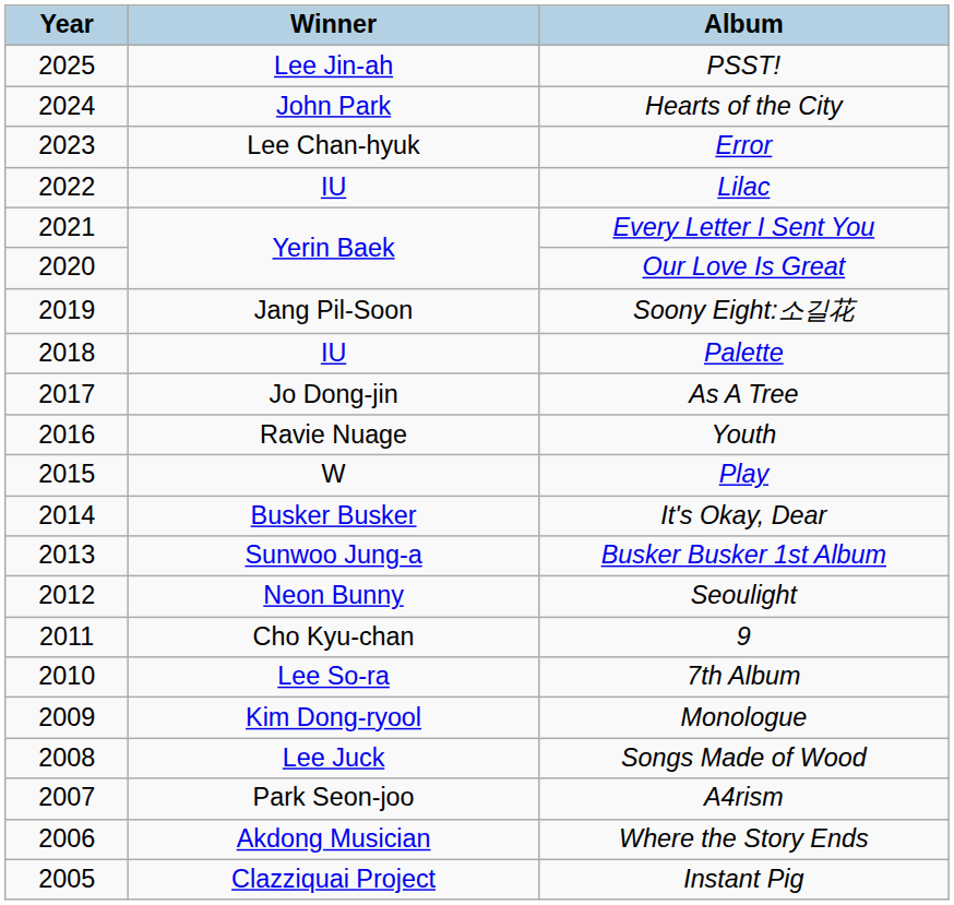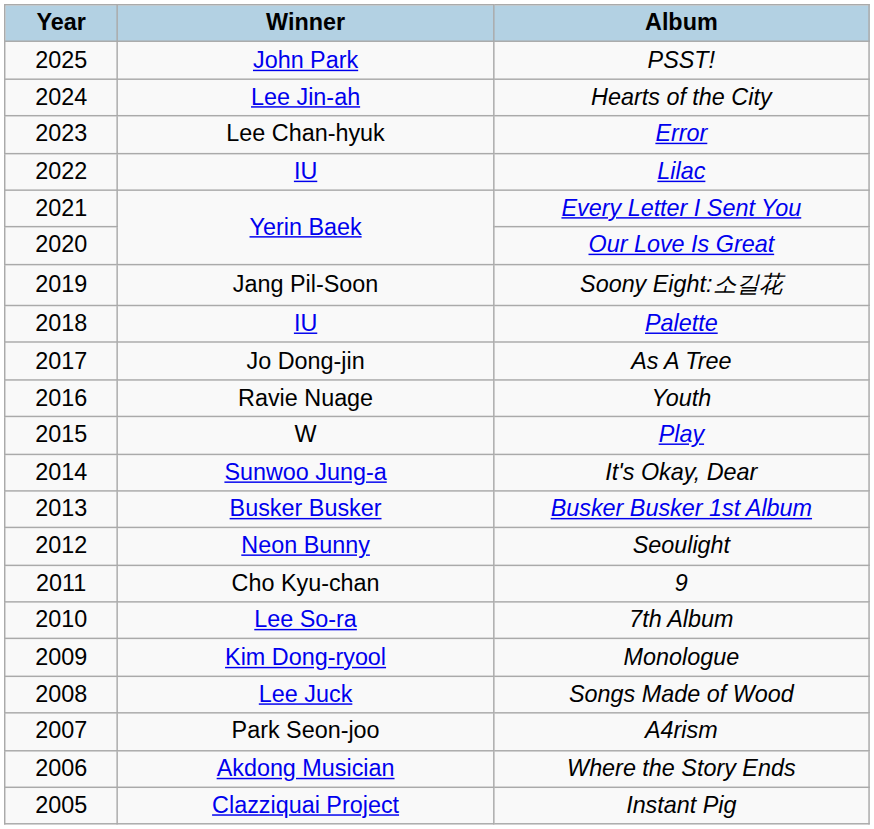 <table class="wikitable" style="text-align: center">
 <tr>
 <th width="70" style="background:#b3d1e3;">Year</th>
 <th width="250" style="background:#b3d1e3;">Winner</th>
 <th width="250" style="background:#b3d1e3;">Album</th>
 </tr>
 <tr>
 <td>2025</td>
-<td><a href='#'>Lee Jin-ah</a></td>
+<td><a href='#'>John Park</a></td>
 <td><em>PSST!</em></td>
 </tr>
 <tr>
 <td>2024</td>
-<td><a href='#'>John Park</a></td>
+<td><a href='#'>Lee Jin-ah</a></td>
 <td><em>Hearts of the City</em></td>
 </tr>
 <tr>
 <td>2023</td>
 <td>Lee Chan-hyuk</td>
 <td><em><a href='#'>Error</a></em></td>
 </tr>
 <tr>
 <td>2022</td>
 <td><a href='#'>IU</a></td>
 <td><em><a href='#'>Lilac</a></em></td>
 </tr>
 <tr>
 <td>2021</td>
 <td rowspan="2"><a href='#'>Yerin Baek</a></td>
 <td><em><a href='#'>Every Letter I Sent You</a></em></td>
 </tr>
 <tr>
 <td>2020</td>
 <td><em><a href='#'>Our Love Is Great</a></em></td>
 </tr>
 <tr>
 <td>2019</td>
 <td>Jang Pil-Soon</td>
 <td><em>Soony Eight:소길花 </em></td>
 </tr>
 <tr>
 <td>2018</td>
 <td><a href='#'>IU</a></td>
 <td><em><a href='#'>Palette</a></em></td>
 </tr>
 <tr>
 <td>2017</td>
 <td>Jo Dong-jin</td>
 <td><em>As A Tree</em></td>
 </tr>
 <tr>
 <td>2016</td>
 <td>Ravie Nuage</td>
 <td><em>Youth</em></td>
 </tr>
 <tr>
 <td>2015</td>
 <td>W</td>
 <td><em><a href='#'>Play</a></em></td>
 </tr>
 <tr>
 <td>2014</td>
-<td><a href='#'>Busker Busker</a></td>
+<td><a href='#'>Sunwoo Jung-a</a></td>
 <td><em>It's Okay, Dear</em></td>
 </tr>
 <tr>
 <td>2013</td>
-<td><a href='#'>Sunwoo Jung-a</a></td>
+<td><a href='#'>Busker Busker</a></td>
 <td><em><a href='#'>Busker Busker 1st Album</a></em></td>
 </tr>
 <tr>
 <td>2012</td>
 <td><a href='#'>Neon Bunny</a></td>
 <td><em>Seoulight</em></td>
 </tr>
 <tr>
 <td>2011</td>
 <td>Cho Kyu-chan</td>
 <td><em>9</em></td>
 </tr>
 <tr>
 <td>2010</td>
 <td><a href='#'>Lee So-ra</a></td>
 <td><em>7th Album</em></td>
 </tr>
 <tr>
 <td>2009</td>
 <td><a href='#'>Kim Dong-ryool</a></td>
 <td><em>Monologue</em></td>
 </tr>
 <tr>
 <td>2008</td>
 <td><a href='#'>Lee Juck</a></td>
 <td><em>Songs Made of Wood</em></td>
 </tr>
 <tr>
 <td>2007</td>
 <td>Park Seon-joo</td>
 <td><em>A4rism</em></td>
 </tr>
 <tr>
 <td>2006</td>
 <td><a href='#'>Akdong Musician</a></td>
 <td><em>Where the Story Ends</em></td>
 </tr>
 <tr>
 <td>2005</td>
 <td><a href='#'>Clazziquai Project</a></td>
 <td><em> Instant Pig</em></td>
 </tr>
 </table>
